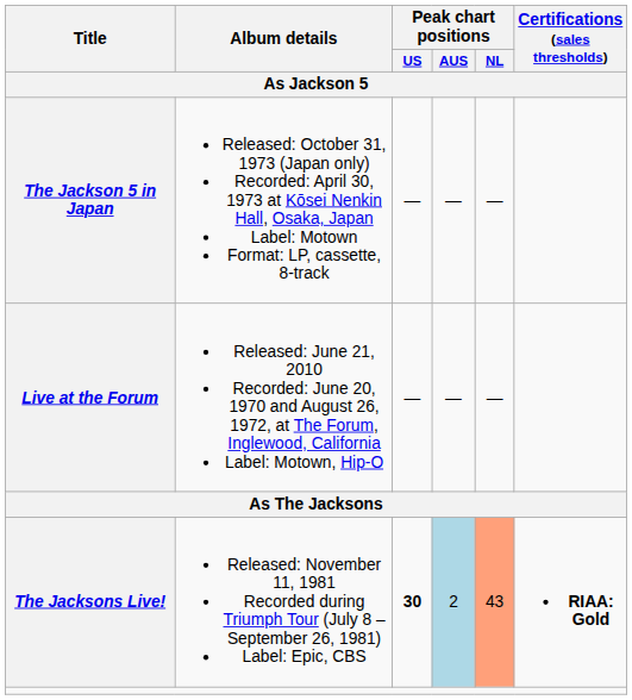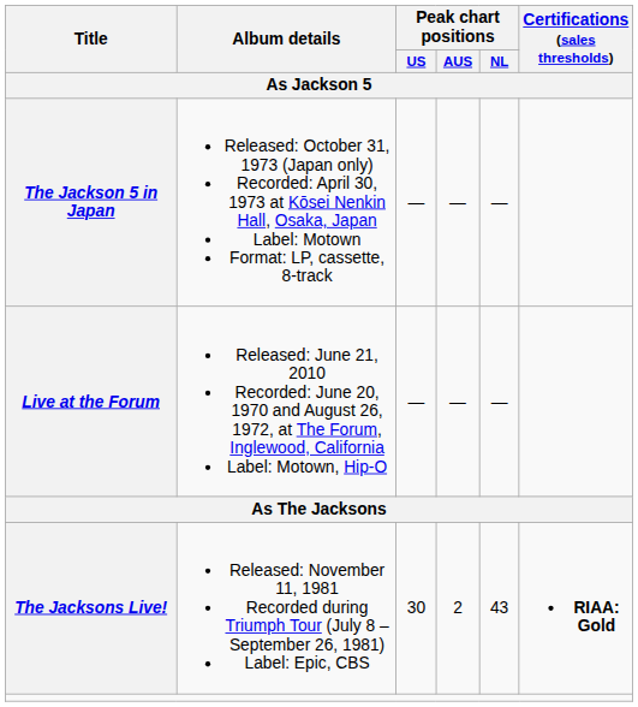 <table class="wikitable plainrowheaders" style="text-align:center;">
 <tr>
 <th rowspan="2" style="width:13em;">Title</th>
 <th rowspan="2" style="width:16em;">Album details</th>
 <th colspan="3">Peak chart positions</th>
 <th rowspan="2"><a href='#'>Certifications</a><br><small>(<a href='#'>sales thresholds</a>)</small></th>
 </tr>
 <tr style="font-size:smaller;">
 <th style="width:3em;"><a href='#'>US</a><br></th>
 <th style="width:3em;"><a href='#'>AUS</a><br></th>
 <th style="width:3em;"><a href='#'>NL</a><br></th>
 </tr>
 <tr>
 <th colspan="6">As Jackson 5</th>
 </tr>
 <tr>
 <th scope="row"><em><a href='#'>The Jackson 5 in Japan</a></em></th>
 <td><br><ul><li>Released: October 31, 1973 (Japan only)</li><li>Recorded: April 30, 1973 at <a href='#'>Kōsei Nenkin Hall</a>, <a href='#'>Osaka, Japan</a></li><li>Label: Motown</li><li>Format: LP, cassette, 8-track</li></ul></td>
 <td>—</td>
 <td>—</td>
 <td>—</td>
 <td></td>
 </tr>
 <tr>
 <th scope="row"><em><a href='#'>Live at the Forum</a></em></th>
 <td><br><ul><li>Released: June 21, 2010</li><li>Recorded: June 20, 1970 and August 26, 1972, at <a href='#'>The Forum</a>, <a href='#'>Inglewood, California</a></li><li>Label: Motown, <a href='#'>Hip-O</a></li></ul></td>
 <td>—</td>
 <td>—</td>
 <td>—</td>
 <td></td>
 </tr>
 <tr>
 <th colspan="6">As The Jacksons</th>
 </tr>
 <tr>
 <th scope="row"><em><a href='#'>The Jacksons Live!</a></em></th>
 <td><br><ul><li>Released: November 11, 1981</li><li>Recorded during <a href='#'>Triumph Tour</a> (July 8 – September 26, 1981)</li><li>Label: Epic, CBS</li></ul></td>
-<td><strong>30</strong></td>
-<td style="background: lightblue;">2</td>
-<td style="background: lightsalmon;">43</td>
+<td>30</td>
+<td>2</td>
+<td>43</td>
 <td><strong><br><ul><li>RIAA: Gold</li></ul></strong></td>
 </tr>
 <tr>
 <td colspan="6"></td>
 </tr>
 </table>
